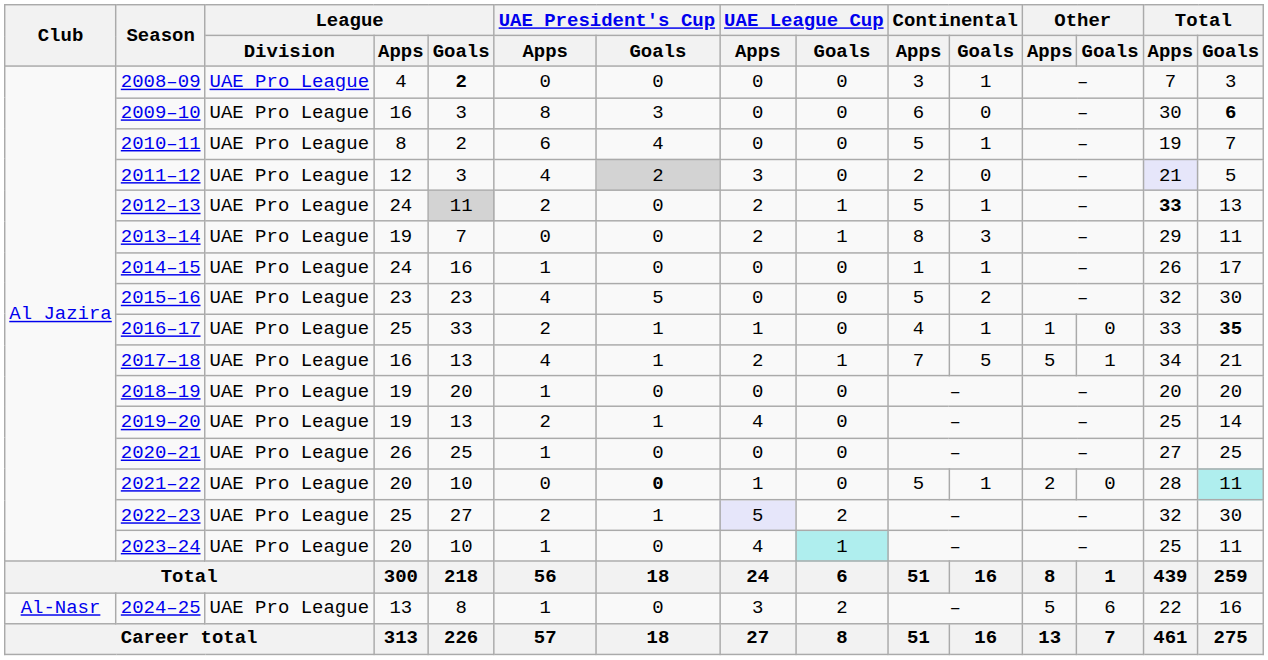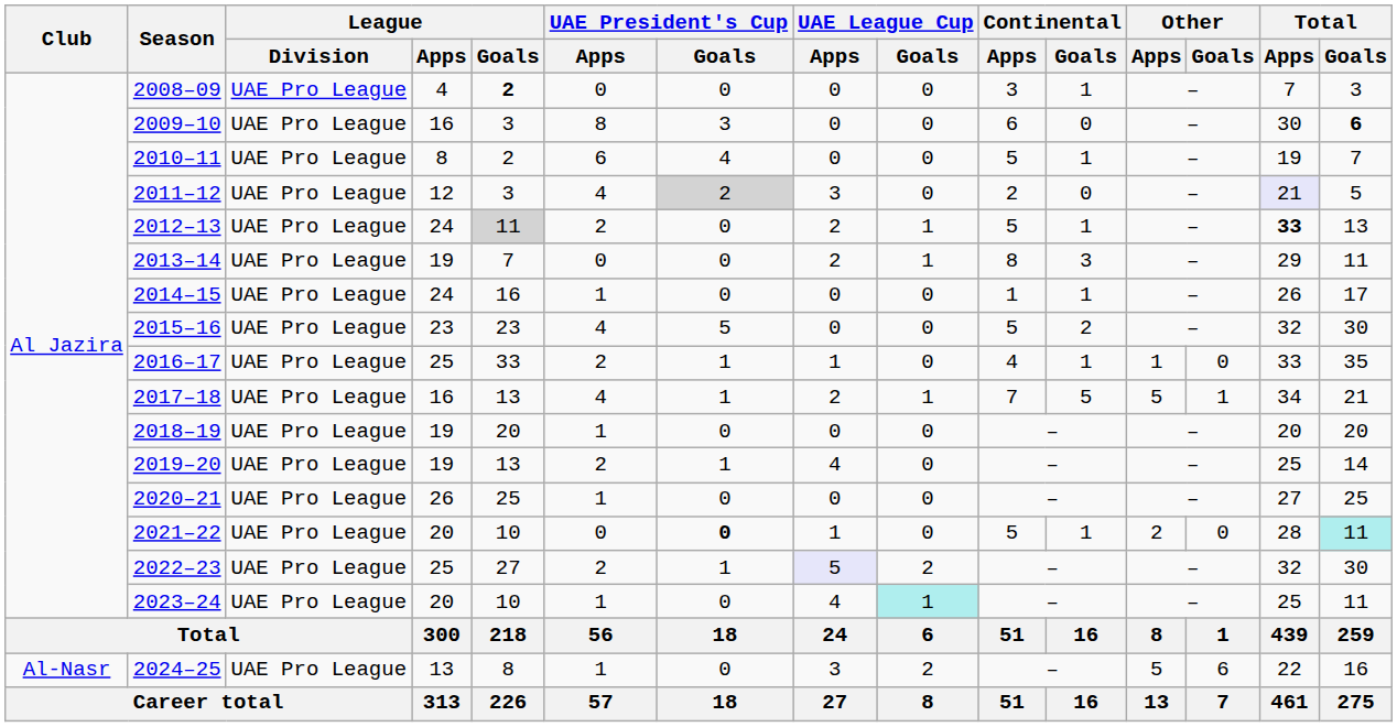 <table class="wikitable" style="text-align:center">
 <tr>
 <th rowspan="2">Club</th>
 <th rowspan="2">Season</th>
 <th colspan="3">League</th>
 <th colspan="2"><a href='#'>UAE President's Cup</a></th>
 <th colspan="2"><a href='#'>UAE League Cup</a></th>
 <th colspan="2">Continental</th>
 <th colspan="2">Other</th>
 <th colspan="2">Total</th>
 </tr>
 <tr>
 <th>Division</th>
 <th>Apps</th>
 <th>Goals</th>
 <th>Apps</th>
 <th>Goals</th>
 <th>Apps</th>
 <th>Goals</th>
 <th>Apps</th>
 <th>Goals</th>
 <th>Apps</th>
 <th>Goals</th>
 <th>Apps</th>
 <th>Goals</th>
 </tr>
 <tr>
 <td rowspan="16"><a href='#'>Al Jazira</a></td>
 <td><a href='#'>2008–09</a></td>
 <td><a href='#'>UAE Pro League</a></td>
 <td>4</td>
 <td><strong>2</strong></td>
 <td>0</td>
 <td>0</td>
 <td>0</td>
 <td>0</td>
 <td>3</td>
 <td>1</td>
 <td colspan="2">–</td>
 <td>7</td>
 <td>3</td>
 </tr>
 <tr>
 <td><a href='#'>2009–10</a></td>
 <td>UAE Pro League</td>
 <td>16</td>
 <td>3</td>
 <td>8</td>
 <td>3</td>
 <td>0</td>
 <td>0</td>
 <td>6</td>
 <td>0</td>
 <td colspan="2">–</td>
 <td>30</td>
 <td><strong>6</strong></td>
 </tr>
 <tr>
 <td><a href='#'>2010–11</a></td>
 <td>UAE Pro League</td>
 <td>8</td>
 <td>2</td>
 <td>6</td>
 <td>4</td>
 <td>0</td>
 <td>0</td>
 <td>5</td>
 <td>1</td>
 <td colspan="2">–</td>
 <td>19</td>
 <td>7</td>
 </tr>
 <tr>
 <td><a href='#'>2011–12</a></td>
 <td>UAE Pro League</td>
 <td>12</td>
 <td>3</td>
 <td>4</td>
 <td style="background: lightgrey;">2</td>
 <td>3</td>
 <td>0</td>
 <td>2</td>
 <td>0</td>
 <td colspan="2">–</td>
 <td style="background: lavender;">21</td>
 <td>5</td>
 </tr>
 <tr>
 <td><a href='#'>2012–13</a></td>
 <td>UAE Pro League</td>
 <td>24</td>
 <td style="background: lightgrey;">11</td>
 <td>2</td>
 <td>0</td>
 <td>2</td>
 <td>1</td>
 <td>5</td>
 <td>1</td>
 <td colspan="2">–</td>
 <td><strong>33</strong></td>
 <td>13</td>
 </tr>
 <tr>
 <td><a href='#'>2013–14</a></td>
 <td>UAE Pro League</td>
 <td>19</td>
 <td>7</td>
 <td>0</td>
 <td>0</td>
 <td>2</td>
 <td>1</td>
 <td>8</td>
 <td>3</td>
 <td colspan="2">–</td>
 <td>29</td>
 <td>11</td>
 </tr>
 <tr>
 <td><a href='#'>2014–15</a></td>
 <td>UAE Pro League</td>
 <td>24</td>
 <td>16</td>
 <td>1</td>
 <td>0</td>
 <td>0</td>
 <td>0</td>
 <td>1</td>
 <td>1</td>
 <td colspan="2">–</td>
 <td>26</td>
 <td>17</td>
 </tr>
 <tr>
 <td><a href='#'>2015–16</a></td>
 <td>UAE Pro League</td>
 <td>23</td>
 <td>23</td>
 <td>4</td>
 <td>5</td>
 <td>0</td>
 <td>0</td>
 <td>5</td>
 <td>2</td>
 <td colspan="2">–</td>
 <td>32</td>
 <td>30</td>
 </tr>
 <tr>
 <td><a href='#'>2016–17</a></td>
 <td>UAE Pro League</td>
 <td>25</td>
 <td>33</td>
 <td>2</td>
 <td>1</td>
 <td>1</td>
 <td>0</td>
 <td>4</td>
 <td>1</td>
 <td>1</td>
 <td>0</td>
 <td>33</td>
-<td><strong>35</strong></td>
+<td>35</td>
 </tr>
 <tr>
 <td><a href='#'>2017–18</a></td>
 <td>UAE Pro League</td>
 <td>16</td>
 <td>13</td>
 <td>4</td>
 <td>1</td>
 <td>2</td>
 <td>1</td>
 <td>7</td>
 <td>5</td>
 <td>5</td>
 <td>1</td>
 <td>34</td>
 <td>21</td>
 </tr>
 <tr>
 <td><a href='#'>2018–19</a></td>
 <td>UAE Pro League</td>
 <td>19</td>
 <td>20</td>
 <td>1</td>
 <td>0</td>
 <td>0</td>
 <td>0</td>
 <td colspan="2">–</td>
 <td colspan="2">–</td>
 <td>20</td>
 <td>20</td>
 </tr>
 <tr>
 <td><a href='#'>2019–20</a></td>
 <td>UAE Pro League</td>
 <td>19</td>
 <td>13</td>
 <td>2</td>
 <td>1</td>
 <td>4</td>
 <td>0</td>
 <td colspan="2">–</td>
 <td colspan="2">–</td>
 <td>25</td>
 <td>14</td>
 </tr>
 <tr>
 <td><a href='#'>2020–21</a></td>
 <td>UAE Pro League</td>
 <td>26</td>
 <td>25</td>
 <td>1</td>
 <td>0</td>
 <td>0</td>
 <td>0</td>
 <td colspan="2">–</td>
 <td colspan="2">–</td>
 <td>27</td>
 <td>25</td>
 </tr>
 <tr>
 <td><a href='#'>2021–22</a></td>
 <td>UAE Pro League</td>
 <td>20</td>
 <td>10</td>
 <td>0</td>
 <td><strong>0</strong></td>
 <td>1</td>
 <td>0</td>
 <td>5</td>
 <td>1</td>
 <td>2</td>
 <td>0</td>
 <td>28</td>
 <td style="background: paleturquoise;">11</td>
 </tr>
 <tr>
 <td><a href='#'>2022–23</a></td>
 <td>UAE Pro League</td>
 <td>25</td>
 <td>27</td>
 <td>2</td>
 <td>1</td>
 <td style="background: lavender;">5</td>
 <td>2</td>
 <td colspan="2">–</td>
 <td colspan="2">–</td>
 <td>32</td>
 <td>30</td>
 </tr>
 <tr>
 <td><a href='#'>2023–24</a></td>
 <td>UAE Pro League</td>
 <td>20</td>
 <td>10</td>
 <td>1</td>
 <td>0</td>
 <td>4</td>
 <td style="background: paleturquoise;">1</td>
 <td colspan="2">–</td>
 <td colspan="2">–</td>
 <td>25</td>
 <td>11</td>
 </tr>
 <tr>
 <th colspan="3">Total</th>
 <th>300</th>
 <th>218</th>
 <th>56</th>
 <th>18</th>
 <th>24</th>
 <th>6</th>
 <th>51</th>
 <th>16</th>
 <th>8</th>
 <th>1</th>
 <th>439</th>
 <th>259</th>
 </tr>
 <tr>
 <td><a href='#'>Al-Nasr</a></td>
 <td><a href='#'>2024–25</a></td>
 <td>UAE Pro League</td>
 <td>13</td>
 <td>8</td>
 <td>1</td>
 <td>0</td>
 <td>3</td>
 <td>2</td>
 <td colspan="2">–</td>
 <td>5</td>
 <td>6</td>
 <td>22</td>
 <td>16</td>
 </tr>
 <tr>
 <th colspan="3">Career total</th>
 <th>313</th>
 <th>226</th>
 <th>57</th>
 <th>18</th>
 <th>27</th>
 <th>8</th>
 <th>51</th>
 <th>16</th>
 <th>13</th>
 <th>7</th>
 <th>461</th>
 <th>275</th>
 </tr>
 </table>
